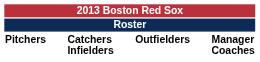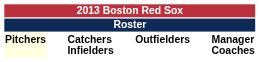 <table class="toccolours" style="text-align: left;">
 <tr>
 <th colspan="10" style="background-color: #ba313c; color: #FFFFFF; text-align: center;">2013 Boston Red Sox</th>
 </tr>
 <tr>
 <td colspan="10" style="background-color:#0d2b56; color: white; text-align: center;"><strong>Roster</strong></td>
 </tr>
 <tr>
-<td valign="top"><strong>Pitchers</strong><br>                           </td>
+<td valign="top" style="background: lightyellow;"><strong>Pitchers</strong><br>                           </td>
 <td width="25px"></td>
 <td valign="top"><strong>Catchers</strong><br>   <strong>Infielders</strong>             </td>
 <td width="25px"></td>
 <td valign="top"><strong>Outfielders</strong><br>        </td>
 <td width="25px"></td>
 <td valign="top"><strong>Manager</strong><br> <strong>Coaches</strong>                  </td>
 </tr>
 <tr>
 </tr>
 </table>
